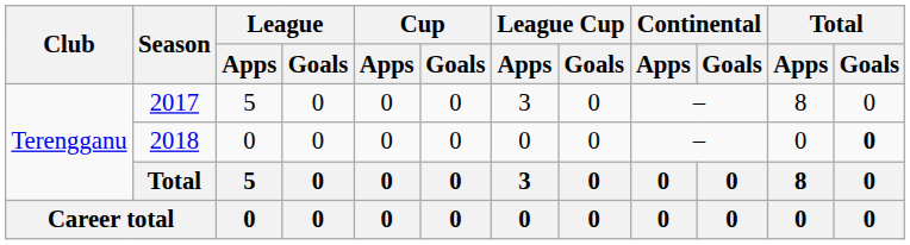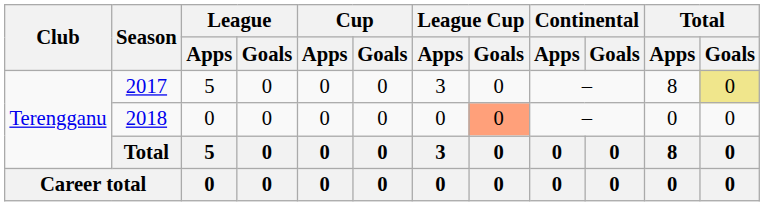 <table class="wikitable" style="text-align: center;">
 <tr>
 <th rowspan="2">Club</th>
 <th rowspan="2">Season</th>
 <th colspan="2">League</th>
 <th colspan="2">Cup</th>
 <th colspan="2">League Cup</th>
 <th colspan="2">Continental</th>
 <th colspan="2">Total</th>
 </tr>
 <tr>
 <th>Apps</th>
 <th>Goals</th>
 <th>Apps</th>
 <th>Goals</th>
 <th>Apps</th>
 <th>Goals</th>
 <th>Apps</th>
 <th>Goals</th>
 <th>Apps</th>
 <th>Goals</th>
 </tr>
 <tr>
 <td rowspan="3" valign="center"><a href='#'>Terengganu</a></td>
 <td><a href='#'>2017</a></td>
 <td>5</td>
 <td>0</td>
 <td>0</td>
 <td>0</td>
 <td>3</td>
 <td>0</td>
 <td colspan="2">–</td>
 <td>8</td>
-<td>0</td>
+<td style="background: khaki;">0</td>
 </tr>
 <tr>
 <td><a href='#'>2018</a></td>
 <td>0</td>
 <td>0</td>
 <td>0</td>
 <td>0</td>
 <td>0</td>
-<td>0</td>
+<td style="background: lightsalmon;">0</td>
 <td colspan="2">–</td>
 <td>0</td>
-<td><strong>0</strong></td>
+<td>0</td>
 </tr>
 <tr>
 <th>Total</th>
 <th>5</th>
 <th>0</th>
 <th>0</th>
 <th>0</th>
 <th>3</th>
 <th>0</th>
 <th>0</th>
 <th>0</th>
 <th>8</th>
 <th>0</th>
 </tr>
 <tr>
 <th colspan="2">Career total</th>
 <th>0</th>
 <th>0</th>
 <th>0</th>
 <th>0</th>
 <th>0</th>
 <th>0</th>
 <th>0</th>
 <th>0</th>
 <th>0</th>
 <th>0</th>
 </tr>
 </table>
